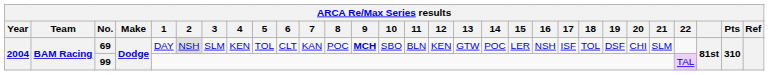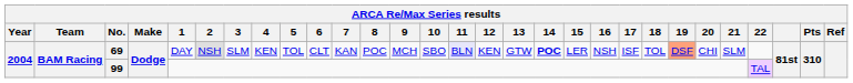 <table class="wikitable" style="text-align:center; font-size:75%">
 <tr>
 <th colspan=29><a href='#'>ARCA Re/Max Series</a> results</th>
 </tr>
 <tr>
 <th>Year</th>
 <th>Team</th>
 <th>No.</th>
 <th>Make</th>
 <th>1</th>
 <th>2</th>
 <th>3</th>
 <th>4</th>
 <th>5</th>
 <th>6</th>
 <th>7</th>
 <th>8</th>
 <th>9</th>
 <th>10</th>
 <th>11</th>
 <th>12</th>
 <th>13</th>
 <th>14</th>
 <th>15</th>
 <th>16</th>
 <th>17</th>
 <th>18</th>
 <th>19</th>
 <th>20</th>
 <th>21</th>
 <th>22</th>
 <th></th>
 <th>Pts</th>
 <th>Ref</th>
 </tr>
 <tr>
 <th rowspan=2><a href='#'>2004</a></th>
 <th rowspan=2><a href='#'>BAM Racing</a></th>
 <th>69</th>
 <th rowspan=2><a href='#'>Dodge</a></th>
 <td><a href='#'>DAY</a></td>
 <td style="background:#DFDFDF;"><a href='#'>NSH</a><br></td>
 <td><a href='#'>SLM</a></td>
 <td><a href='#'>KEN</a></td>
 <td><a href='#'>TOL</a></td>
 <td><a href='#'>CLT</a></td>
 <td><a href='#'>KAN</a></td>
 <td><a href='#'>POC</a></td>
-<td><strong><a href='#'>MCH</a></strong></td>
+<td><a href='#'>MCH</a></td>
 <td><a href='#'>SBO</a></td>
-<td><a href='#'>BLN</a></td>
+<td style="background: lavender;"><a href='#'>BLN</a></td>
 <td><a href='#'>KEN</a></td>
 <td><a href='#'>GTW</a></td>
-<td><a href='#'>POC</a></td>
+<td><strong><a href='#'>POC</a></strong></td>
 <td><a href='#'>LER</a></td>
 <td><a href='#'>NSH</a></td>
 <td><a href='#'>ISF</a></td>
 <td><a href='#'>TOL</a></td>
-<td><a href='#'>DSF</a></td>
+<td style="background: lightsalmon;"><a href='#'>DSF</a></td>
 <td><a href='#'>CHI</a></td>
 <td><a href='#'>SLM</a></td>
 <td></td>
 <th rowspan=2>81st</th>
 <th rowspan=2>310</th>
 <th rowspan=2></th>
 </tr>
 <tr>
 <th>99</th>
 <td colspan=21></td>
 <td style="background:#EFCFFF;"><a href='#'>TAL</a><br></td>
 </tr>
 </table>
